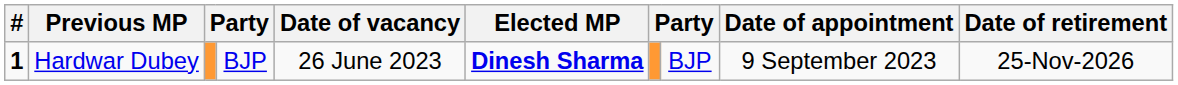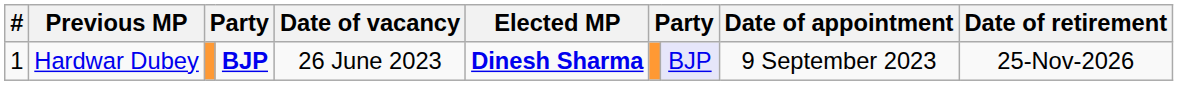 <table class="wikitable" style="text-align:center;">
 <tr>
 <th>#</th>
 <th>Previous MP</th>
 <th colspan="2">Party</th>
 <th>Date of vacancy</th>
 <th>Elected MP</th>
 <th colspan="2">Party</th>
 <th>Date of appointment</th>
 <th>Date of retirement</th>
 </tr>
 <tr>
-<td><strong>1</strong></td>
+<td>1</td>
 <td><a href='#'>Hardwar Dubey</a></td>
 <td bgcolor=#FF9933></td>
-<td><a href='#'>BJP</a></td>
+<td><strong><a href='#'>BJP</a></strong></td>
 <td>26 June 2023</td>
 <td><strong><a href='#'>Dinesh Sharma</a></strong></td>
 <td bgcolor=#FF9933></td>
-<td><a href='#'>BJP</a></td>
+<td style="background: lavender;"><a href='#'>BJP</a></td>
 <td>9 September 2023</td>
 <td>25-Nov-2026</td>
 </tr>
 </table>
